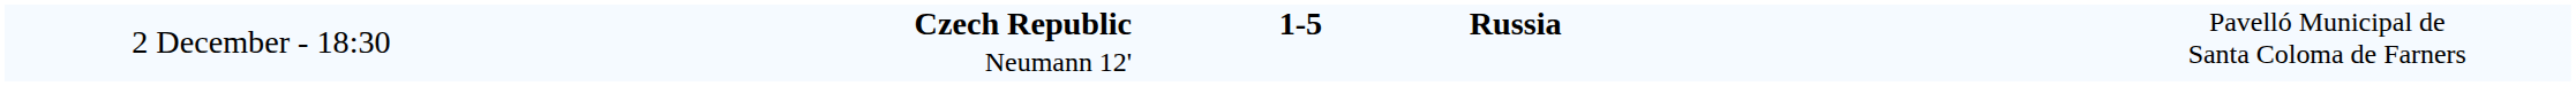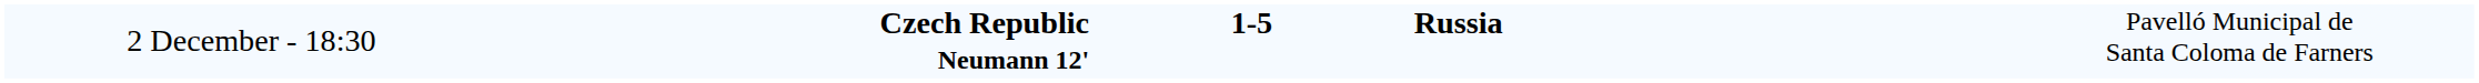 <table style="width: 100%; background:#F5FAFF;" cellspacing="0">
 <tr>
 <td align=center rowspan=3 width=20%>2 December - 18:30</td>
 </tr>
 <tr>
 <td width=24% align=right><strong>Czech Republic</strong> </td>
 <td align=center width=13%><strong>1-5</strong></td>
 <td width=24%> <strong>Russia</strong></td>
 <td style=font-size:85% rowspan=3 valign=top align=center>Pavelló Municipal de <br>Santa Coloma de Farners</td>
 </tr>
 <tr style=font-size:85%>
-<td align=right valign=top>Neumann 12'</td>
+<td align=right valign=top><strong>Neumann 12'</strong></td>
 <td></td>
 <td></td>
 </tr>
 </table>
